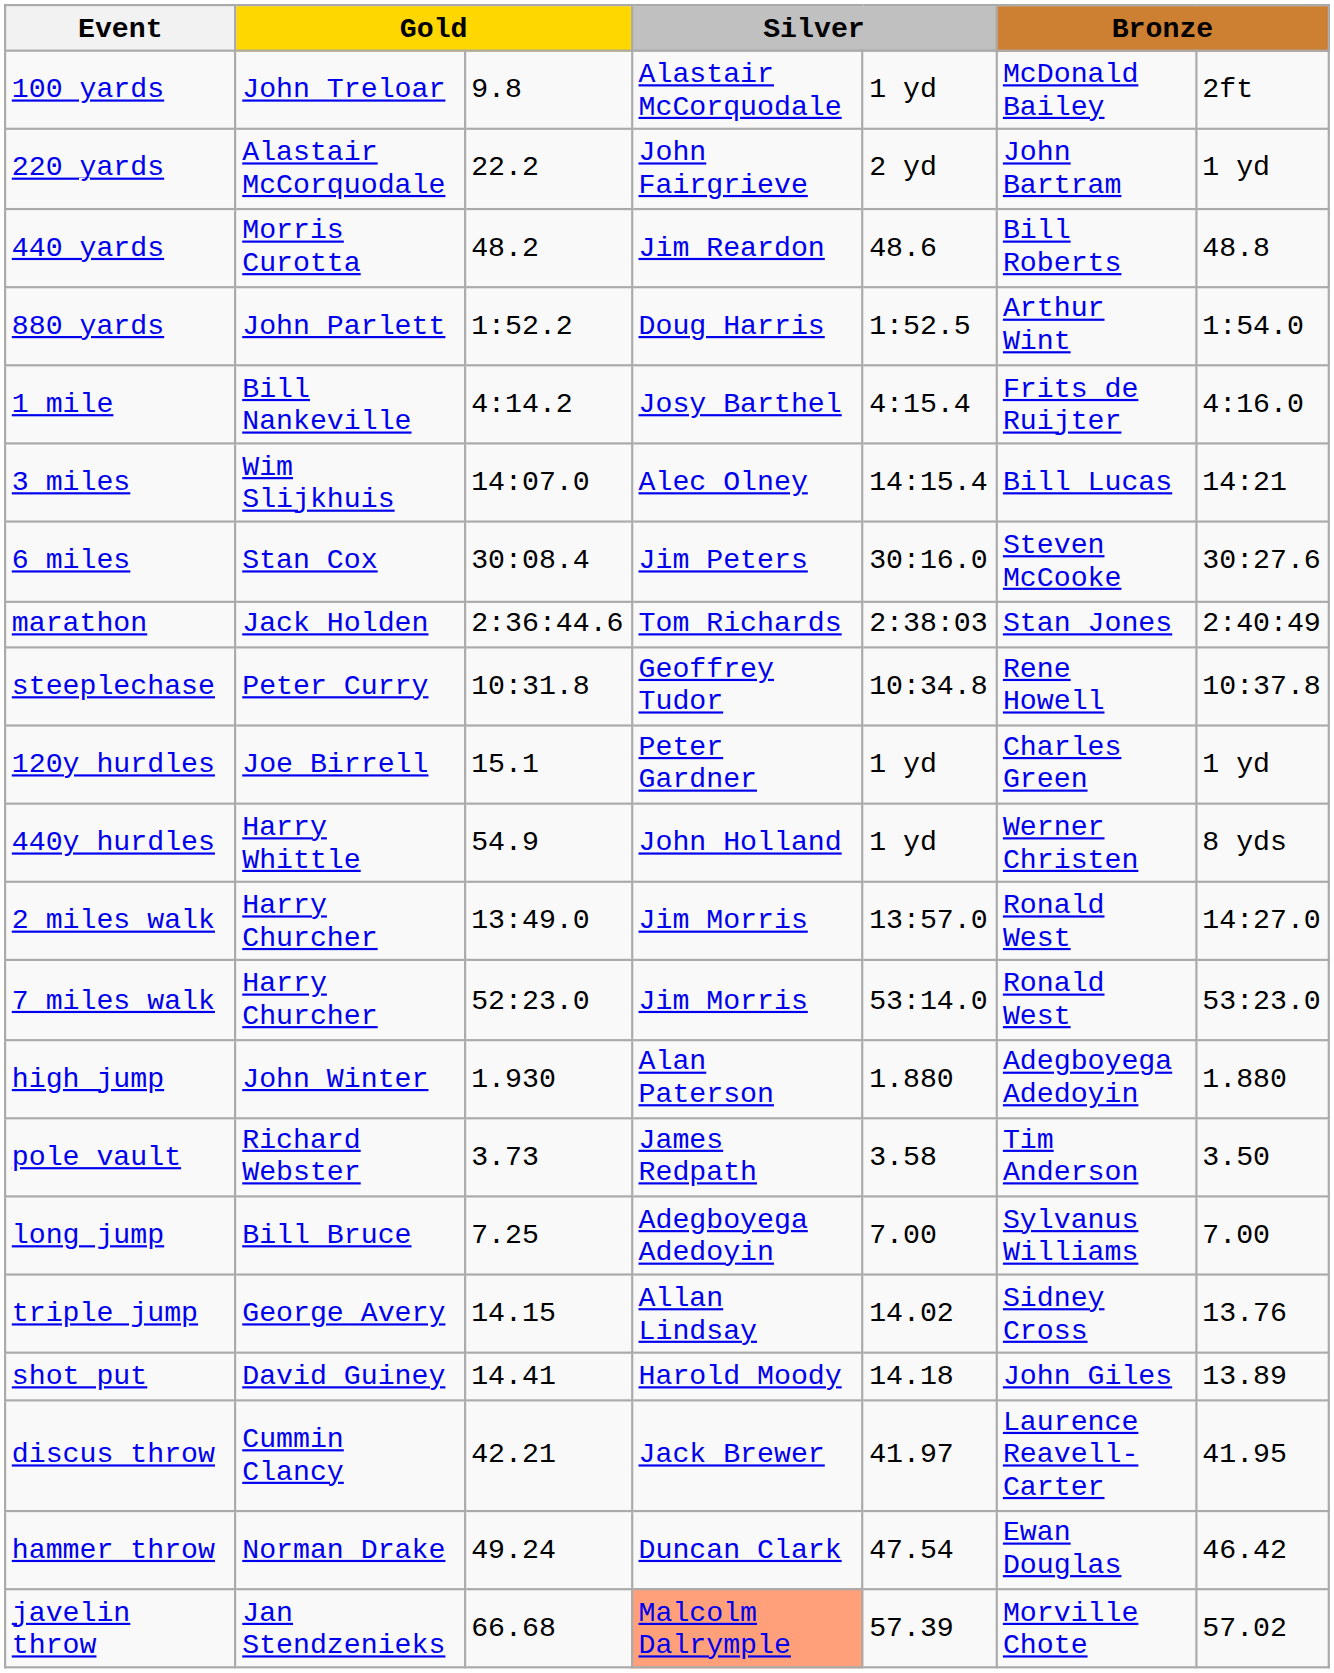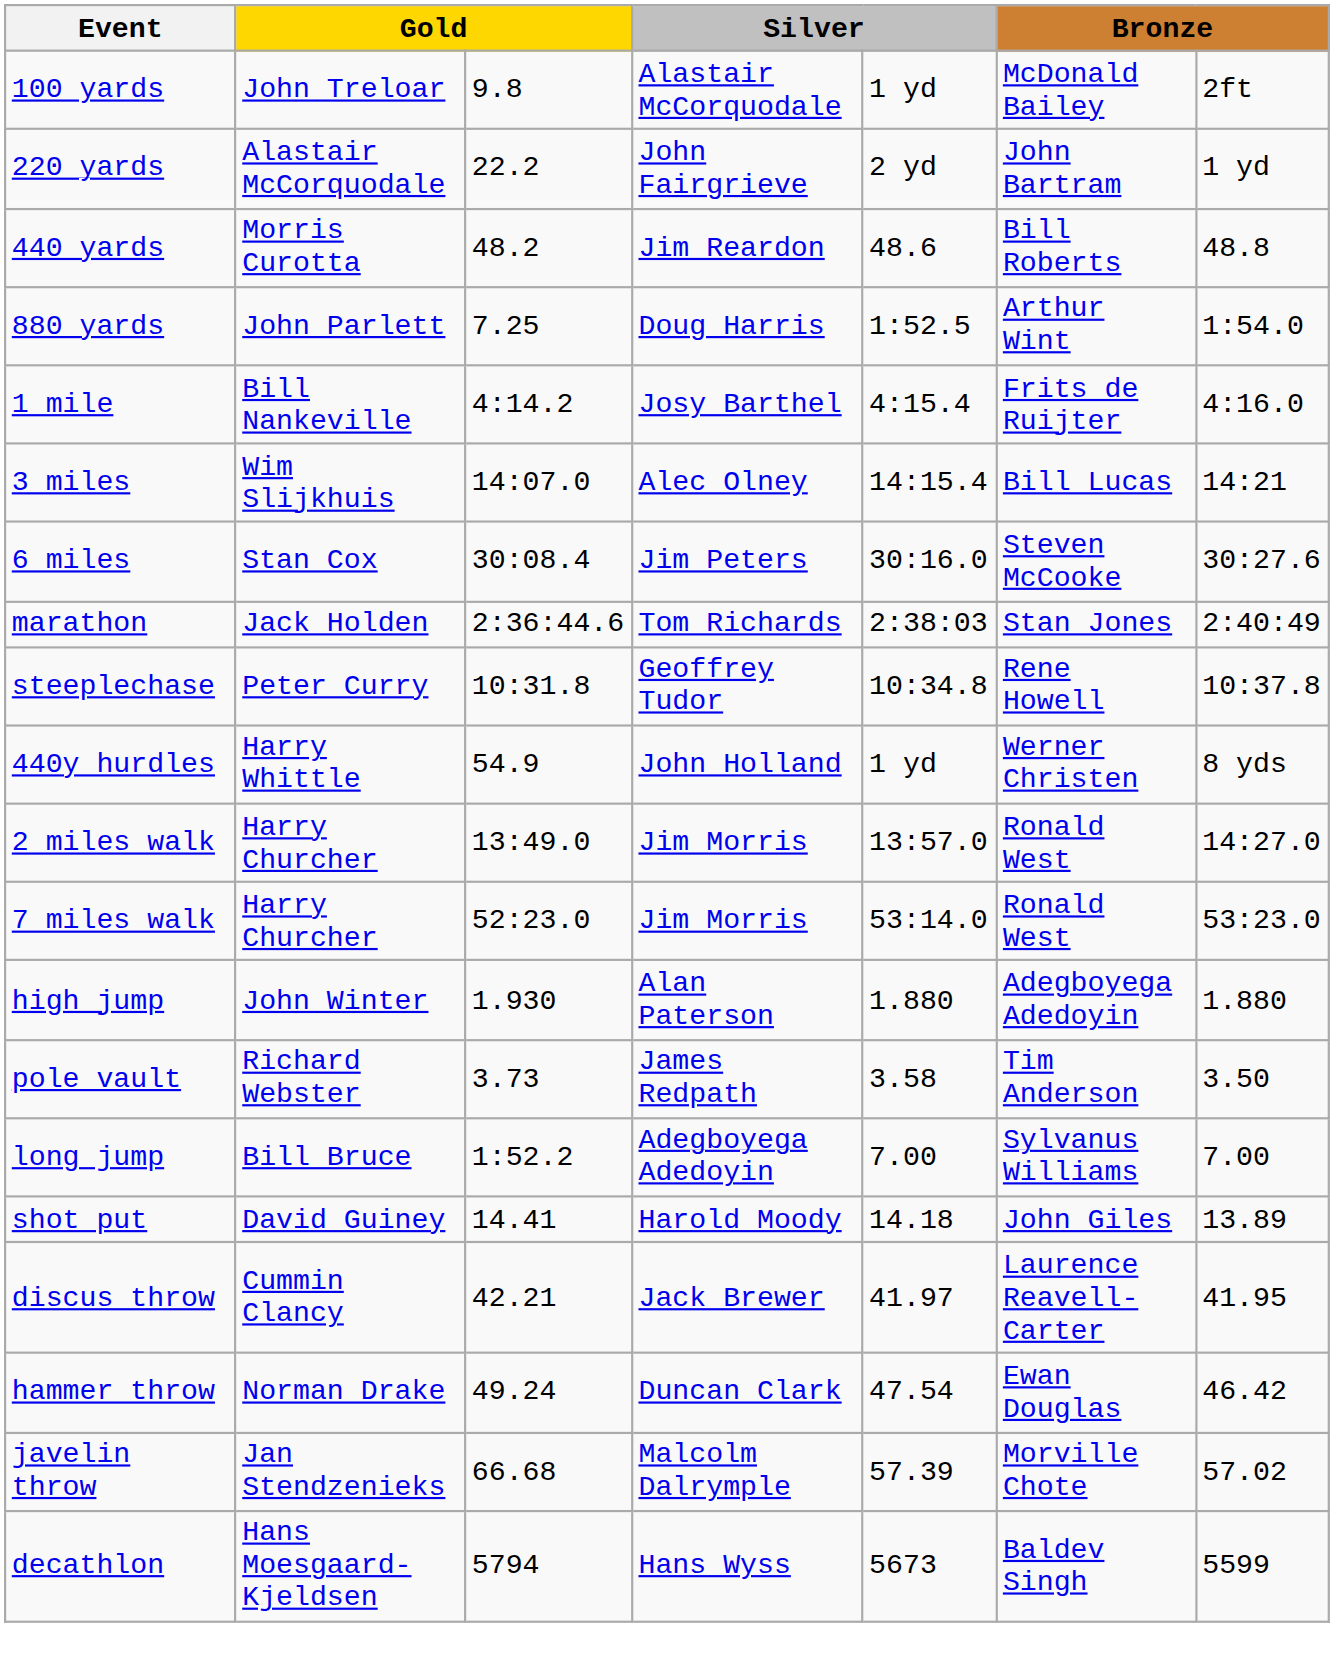 <table class="wikitable" style="text-align:left">
 <tr>
 <th width=100>Event</th>
 <th colspan="2" width="280" style="background:gold;">Gold</th>
 <th colspan="2" width="280" style="background:silver;">Silver</th>
 <th colspan="2" width="280" style="background:#CD7F32;">Bronze</th>
 </tr>
 <tr>
 <td><a href='#'>100 yards</a></td>
 <td> <a href='#'>John Treloar</a></td>
 <td>9.8</td>
 <td> <a href='#'>Alastair McCorquodale</a></td>
 <td>1 yd</td>
 <td><a href='#'>McDonald Bailey</a></td>
 <td>2ft</td>
 </tr>
 <tr>
 <td><a href='#'>220 yards</a></td>
 <td> <a href='#'>Alastair McCorquodale</a></td>
 <td>22.2</td>
 <td><a href='#'>John Fairgrieve</a></td>
 <td>2 yd</td>
 <td> <a href='#'>John Bartram</a></td>
 <td>1 yd</td>
 </tr>
 <tr>
 <td><a href='#'>440 yards</a></td>
 <td> <a href='#'>Morris Curotta</a></td>
 <td>48.2</td>
 <td> <a href='#'>Jim Reardon</a></td>
 <td>48.6</td>
 <td><a href='#'>Bill Roberts</a></td>
 <td>48.8</td>
 </tr>
 <tr>
 <td><a href='#'>880 yards</a></td>
 <td><a href='#'>John Parlett</a></td>
-<td>1:52.2</td>
+<td>7.25</td>
 <td> <a href='#'>Doug Harris</a></td>
 <td>1:52.5</td>
 <td>	<a href='#'>Arthur Wint</a></td>
 <td>1:54.0</td>
 </tr>
 <tr>
 <td><a href='#'>1 mile</a></td>
 <td><a href='#'>Bill Nankeville</a></td>
 <td>4:14.2</td>
 <td> <a href='#'>Josy Barthel</a></td>
 <td>4:15.4</td>
 <td> <a href='#'>Frits de Ruijter</a></td>
 <td>4:16.0</td>
 </tr>
 <tr>
 <td><a href='#'>3 miles</a></td>
 <td> <a href='#'>Wim Slijkhuis</a></td>
 <td>14:07.0</td>
 <td><a href='#'>Alec Olney</a></td>
 <td>14:15.4</td>
 <td><a href='#'>Bill Lucas</a></td>
 <td>14:21</td>
 </tr>
 <tr>
 <td><a href='#'>6 miles</a></td>
 <td><a href='#'>Stan Cox</a></td>
 <td>30:08.4</td>
 <td><a href='#'>Jim Peters</a></td>
 <td>30:16.0</td>
 <td> <a href='#'>Steven McCooke</a></td>
 <td>30:27.6</td>
 </tr>
 <tr>
 <td><a href='#'>marathon</a></td>
 <td><a href='#'>Jack Holden</a></td>
 <td>2:36:44.6</td>
 <td> <a href='#'>Tom Richards</a></td>
 <td>2:38:03</td>
 <td><a href='#'>Stan Jones</a></td>
 <td>2:40:49</td>
 </tr>
 <tr>
 <td><a href='#'>steeplechase</a></td>
 <td><a href='#'>Peter Curry</a></td>
 <td>10:31.8</td>
 <td><a href='#'>Geoffrey Tudor</a></td>
 <td>10:34.8</td>
 <td><a href='#'>Rene Howell</a></td>
 <td>10:37.8</td>
 </tr>
 <tr>
-<td><a href='#'>120y hurdles</a></td>
-<td><a href='#'>Joe Birrell</a></td>
-<td>15.1</td>
-<td> <a href='#'>Peter Gardner</a></td>
-<td>1 yd</td>
-<td> <a href='#'>Charles Green</a></td>
-<td>1 yd</td>
-</tr>
-<tr>
 <td><a href='#'>440y hurdles</a></td>
 <td><a href='#'>Harry Whittle</a></td>
 <td>54.9</td>
 <td> <a href='#'>John Holland</a></td>
 <td>1 yd</td>
 <td> <a href='#'>Werner Christen</a></td>
 <td>8 yds</td>
 </tr>
 <tr>
 <td><a href='#'>2 miles walk</a></td>
 <td><a href='#'>Harry Churcher</a></td>
 <td>13:49.0</td>
 <td><a href='#'>Jim Morris</a></td>
 <td>13:57.0</td>
 <td><a href='#'>Ronald West</a></td>
 <td>14:27.0</td>
 </tr>
 <tr>
 <td><a href='#'>7 miles walk</a></td>
 <td><a href='#'>Harry Churcher</a></td>
 <td>52:23.0</td>
 <td><a href='#'>Jim Morris</a></td>
 <td>53:14.0</td>
 <td><a href='#'>Ronald West</a></td>
 <td>53:23.0</td>
 </tr>
 <tr>
 <td><a href='#'>high jump</a></td>
 <td> <a href='#'>John Winter</a></td>
 <td>1.930</td>
 <td> <a href='#'>Alan Paterson</a></td>
 <td>1.880</td>
 <td> <a href='#'>Adegboyega Adedoyin</a></td>
 <td>1.880</td>
 </tr>
 <tr>
 <td><a href='#'>pole vault</a></td>
 <td><a href='#'>Richard Webster</a></td>
 <td>3.73</td>
 <td><a href='#'>James Redpath</a></td>
 <td>3.58</td>
 <td><a href='#'>Tim Anderson</a></td>
 <td>3.50</td>
 </tr>
 <tr>
 <td><a href='#'>long jump</a></td>
 <td> <a href='#'>Bill Bruce</a></td>
-<td>7.25</td>
+<td>1:52.2</td>
 <td> <a href='#'>Adegboyega Adedoyin</a></td>
 <td>7.00</td>
 <td> <a href='#'>Sylvanus Williams</a></td>
 <td>7.00</td>
-</tr>
-<tr>
-<td><a href='#'>triple jump</a></td>
-<td> <a href='#'>George Avery</a></td>
-<td>14.15</td>
-<td> <a href='#'>Allan Lindsay</a></td>
-<td>14.02</td>
-<td><a href='#'>Sidney Cross</a></td>
-<td>13.76</td>
 </tr>
 <tr>
 <td><a href='#'>shot put</a></td>
 <td> <a href='#'>David Guiney</a></td>
 <td>14.41</td>
 <td><a href='#'>Harold Moody</a></td>
 <td>14.18</td>
 <td><a href='#'>John Giles</a></td>
 <td>13.89</td>
 </tr>
 <tr>
 <td><a href='#'>discus throw</a></td>
 <td> <a href='#'>Cummin Clancy</a></td>
 <td>42.21</td>
 <td><a href='#'>Jack Brewer</a></td>
 <td>41.97</td>
 <td><a href='#'>Laurence Reavell-Carter</a></td>
 <td>41.95</td>
 </tr>
 <tr>
 <td><a href='#'>hammer throw</a></td>
 <td><a href='#'>Norman Drake</a></td>
 <td>49.24</td>
 <td> <a href='#'>Duncan Clark</a></td>
 <td>47.54</td>
 <td> <a href='#'>Ewan Douglas</a></td>
 <td>46.42</td>
 </tr>
 <tr>
 <td><a href='#'>javelin throw</a></td>
 <td> <a href='#'>Jan Stendzenieks</a></td>
 <td>66.68</td>
-<td style="background: lightsalmon;"><a href='#'>Malcolm Dalrymple</a></td>
+<td><a href='#'>Malcolm Dalrymple</a></td>
 <td>57.39</td>
 <td><a href='#'>Morville Chote</a></td>
 <td>57.02</td>
 </tr>
+<tr>
+<td><a href='#'>decathlon</a></td>
+<td> <a href='#'>Hans Moesgaard-Kjeldsen</a></td>
+<td>5794</td>
+<td> <a href='#'>Hans Wyss</a></td>
+<td>5673</td>
+<td> <a href='#'>Baldev Singh</a></td>
+<td>5599</td>
+</tr>
 </table>
